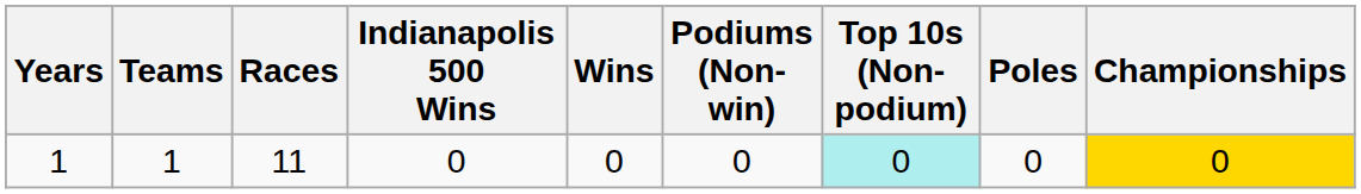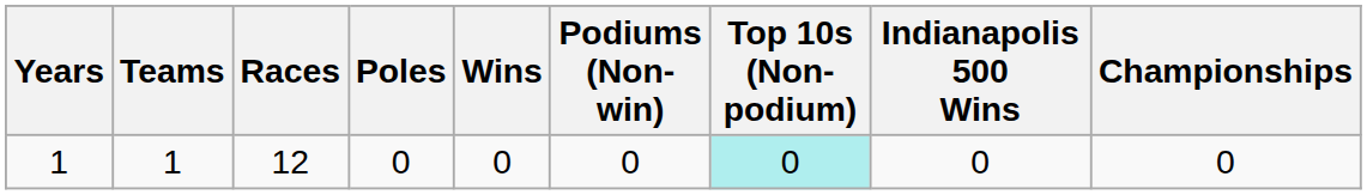 <table class="wikitable" style="text-align:center; font-size:95%">
 <tr>
 <th>Years</th>
 <th>Teams</th>
 <th>Races</th>
-<th>Indianapolis 500<br>Wins</th>
+<th>Poles</th>
 <th>Wins</th>
 <th>Podiums<br>(Non-win)</th>
 <th>Top 10s<br>(Non-podium)</th>
-<th>Poles</th>
+<th>Indianapolis 500<br>Wins</th>
 <th>Championships</th>
 </tr>
 <tr>
 <td>1</td>
 <td>1</td>
-<td>11</td>
+<td>12</td>
 <td>0</td>
 <td>0</td>
 <td>0</td>
 <td style="background: paleturquoise;">0</td>
 <td>0</td>
-<td style="background: gold;">0</td>
+<td>0</td>
 </tr>
 </table>
